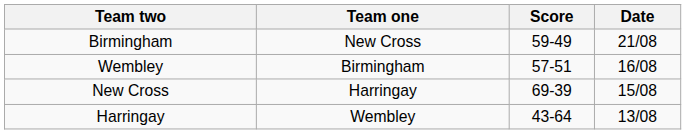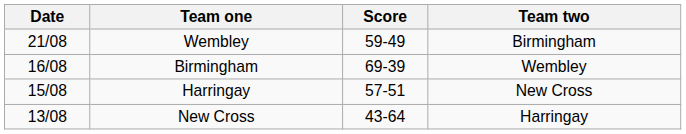 <table class="wikitable" style="text-align: center">
 <tr>
-<th width=250>Team two</th>
+<th width=80>Date</th>
 <th width=250>Team one</th>
 <th width=80>Score</th>
-<th width=80>Date</th>
+<th width=250>Team two</th>
 </tr>
 <tr>
+<td>21/08</td>
+<td>Wembley</td>
+<td>59-49</td>
 <td>Birmingham</td>
-<td>New Cross</td>
-<td>59-49</td>
-<td>21/08</td>
 </tr>
 <tr>
+<td>16/08</td>
+<td>Birmingham</td>
+<td>69-39</td>
 <td>Wembley</td>
-<td>Birmingham</td>
-<td>57-51</td>
-<td>16/08</td>
 </tr>
 <tr>
+<td>15/08</td>
+<td>Harringay</td>
+<td>57-51</td>
 <td>New Cross</td>
-<td>Harringay</td>
-<td>69-39</td>
-<td>15/08</td>
 </tr>
 <tr>
+<td>13/08</td>
+<td>New Cross</td>
+<td>43-64</td>
 <td>Harringay</td>
-<td>Wembley</td>
-<td>43-64</td>
-<td>13/08</td>
 </tr>
 </table>
